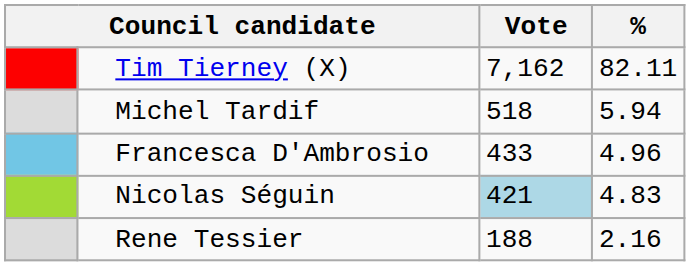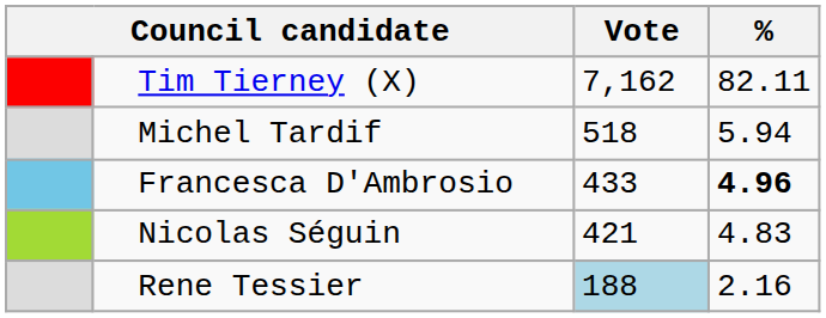 <table class="wikitable">
 <tr>
 <th width="230px" colspan="2">Council candidate</th>
 <th width="50px">Vote</th>
 <th width="30px">%</th>
 </tr>
 <tr>
 <td bgcolor=#FD0000 width="30px"> </td>
 <td>  <a href='#'>Tim Tierney</a> (X)</td>
 <td>7,162</td>
 <td>82.11</td>
 </tr>
 <tr>
 <td bgcolor=#DCDCDC width="30px"> </td>
 <td>  Michel Tardif</td>
 <td>518</td>
 <td>5.94</td>
 </tr>
 <tr>
 <td bgcolor=#71C6E5 width="30px"> </td>
 <td>  Francesca D'Ambrosio</td>
 <td>433</td>
-<td>4.96</td>
+<td><strong>4.96</strong></td>
 </tr>
 <tr>
 <td bgcolor=#A2DA35 width="30px"> </td>
 <td>  Nicolas Séguin</td>
-<td style="background: lightblue;">421</td>
+<td>421</td>
 <td>4.83</td>
 </tr>
 <tr>
 <td bgcolor=#DCDCDC width="30px"> </td>
 <td>  Rene Tessier</td>
-<td>188</td>
+<td style="background: lightblue;">188</td>
 <td>2.16</td>
 </tr>
 </table>
